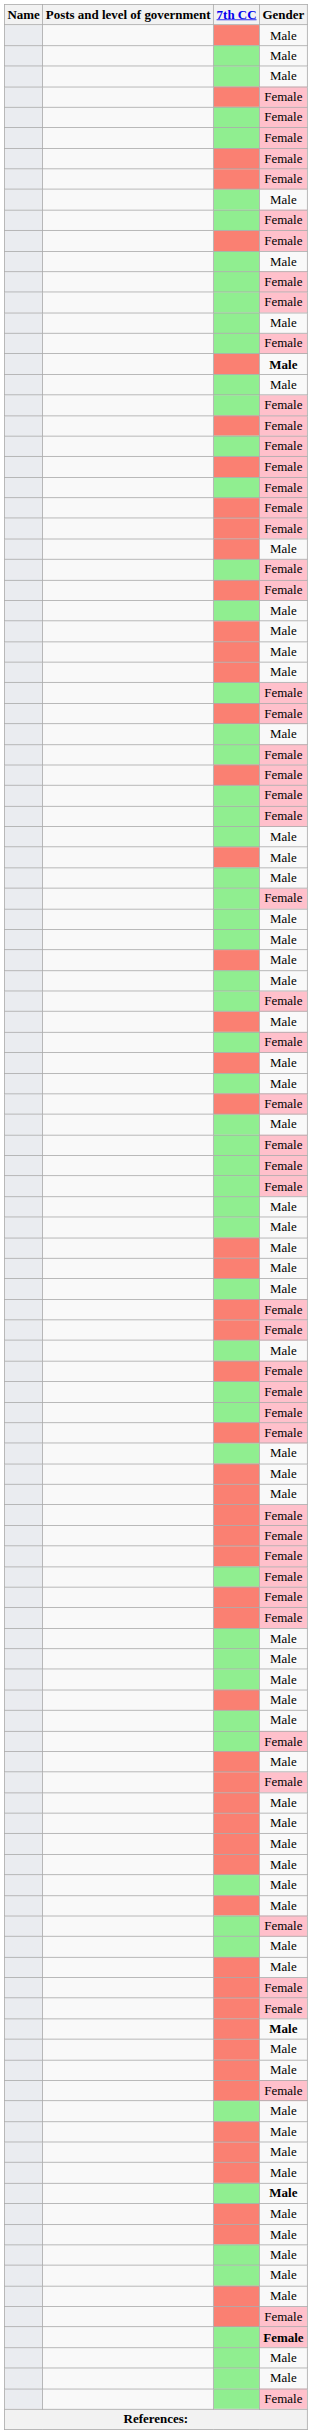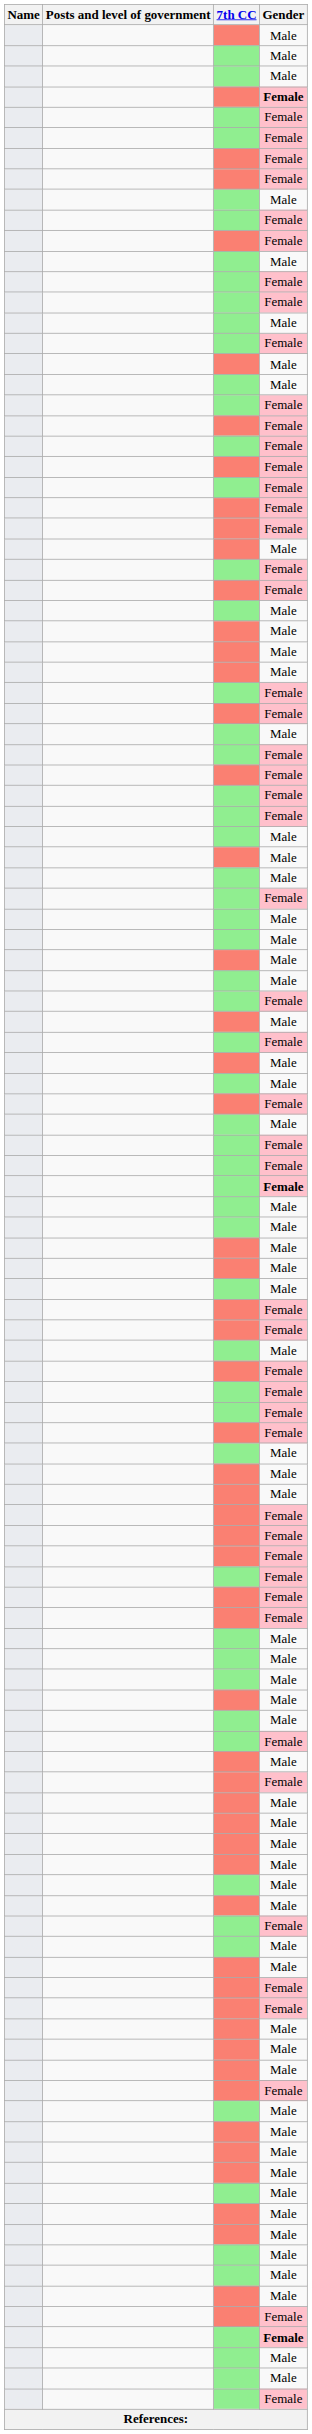 <table class="wikitable sortable" style=text-align:center>
 <tr>
 <th>Name</th>
 <th Rowspan="1">Posts and level of government</th>
 <th unsortable><a href='#'>7th CC</a></th>
 <th>Gender</th>
 </tr>
 <tr>
 <td bgcolor = #EAECF0></td>
 <td></td>
 <td bgcolor = Salmon></td>
 <td>Male</td>
 </tr>
 <tr>
 <td bgcolor = #EAECF0></td>
 <td></td>
 <td bgcolor = LightGreen></td>
 <td>Male</td>
 </tr>
 <tr>
 <td bgcolor = #EAECF0></td>
 <td></td>
 <td bgcolor = LightGreen></td>
 <td>Male</td>
 </tr>
 <tr>
 <td bgcolor = #EAECF0></td>
 <td></td>
 <td bgcolor = Salmon></td>
-<td bgcolor = Pink>Female</td>
+<td bgcolor = Pink><strong>Female</strong></td>
 </tr>
 <tr>
 <td bgcolor = #EAECF0></td>
 <td></td>
 <td bgcolor = LightGreen></td>
 <td bgcolor = Pink>Female</td>
 </tr>
 <tr>
 <td bgcolor = #EAECF0></td>
 <td></td>
 <td bgcolor = LightGreen></td>
 <td bgcolor = Pink>Female</td>
 </tr>
 <tr>
 <td bgcolor = #EAECF0></td>
 <td></td>
 <td bgcolor = Salmon></td>
 <td bgcolor = Pink>Female</td>
 </tr>
 <tr>
 <td bgcolor = #EAECF0></td>
 <td></td>
 <td bgcolor = Salmon></td>
 <td bgcolor = Pink>Female</td>
 </tr>
 <tr>
 <td bgcolor = #EAECF0></td>
 <td></td>
 <td bgcolor = LightGreen></td>
 <td>Male</td>
 </tr>
 <tr>
 <td bgcolor = #EAECF0></td>
 <td></td>
 <td bgcolor = LightGreen></td>
 <td bgcolor = Pink>Female</td>
 </tr>
 <tr>
 <td bgcolor = #EAECF0></td>
 <td></td>
 <td bgcolor = Salmon></td>
 <td bgcolor = Pink>Female</td>
 </tr>
 <tr>
 <td bgcolor = #EAECF0></td>
 <td></td>
 <td bgcolor = LightGreen></td>
 <td>Male</td>
 </tr>
 <tr>
 <td bgcolor = #EAECF0></td>
 <td></td>
 <td bgcolor = LightGreen></td>
 <td bgcolor = Pink>Female</td>
 </tr>
 <tr>
 <td bgcolor = #EAECF0></td>
 <td></td>
 <td bgcolor = LightGreen></td>
 <td bgcolor = Pink>Female</td>
 </tr>
 <tr>
 <td bgcolor = #EAECF0></td>
 <td></td>
 <td bgcolor = LightGreen></td>
 <td>Male</td>
 </tr>
 <tr>
 <td bgcolor = #EAECF0></td>
 <td></td>
 <td bgcolor = LightGreen></td>
 <td bgcolor = Pink>Female</td>
 </tr>
 <tr>
 <td bgcolor = #EAECF0></td>
 <td></td>
 <td bgcolor = Salmon></td>
-<td><strong>Male</strong></td>
+<td>Male</td>
 </tr>
 <tr>
 <td bgcolor = #EAECF0></td>
 <td></td>
 <td bgcolor = LightGreen></td>
 <td>Male</td>
 </tr>
 <tr>
 <td bgcolor = #EAECF0></td>
 <td></td>
 <td bgcolor = LightGreen></td>
 <td bgcolor = Pink>Female</td>
 </tr>
 <tr>
 <td bgcolor = #EAECF0></td>
 <td></td>
 <td bgcolor = Salmon></td>
 <td bgcolor = Pink>Female</td>
 </tr>
 <tr>
 <td bgcolor = #EAECF0></td>
 <td></td>
 <td bgcolor = LightGreen></td>
 <td bgcolor = Pink>Female</td>
 </tr>
 <tr>
 <td bgcolor = #EAECF0></td>
 <td></td>
 <td bgcolor = Salmon></td>
 <td bgcolor = Pink>Female</td>
 </tr>
 <tr>
 <td bgcolor = #EAECF0></td>
 <td></td>
 <td bgcolor = LightGreen></td>
 <td bgcolor = Pink>Female</td>
 </tr>
 <tr>
 <td bgcolor = #EAECF0></td>
 <td></td>
 <td bgcolor = Salmon></td>
 <td bgcolor = Pink>Female</td>
 </tr>
 <tr>
 <td bgcolor = #EAECF0></td>
 <td></td>
 <td bgcolor = Salmon></td>
 <td bgcolor = Pink>Female</td>
 </tr>
 <tr>
 <td bgcolor = #EAECF0></td>
 <td></td>
 <td bgcolor = Salmon></td>
 <td>Male</td>
 </tr>
 <tr>
 <td bgcolor = #EAECF0></td>
 <td></td>
 <td bgcolor = LightGreen></td>
 <td bgcolor = Pink>Female</td>
 </tr>
 <tr>
 <td bgcolor = #EAECF0></td>
 <td></td>
 <td bgcolor = Salmon></td>
 <td bgcolor = Pink>Female</td>
 </tr>
 <tr>
 <td bgcolor = #EAECF0></td>
 <td></td>
 <td bgcolor = LightGreen></td>
 <td>Male</td>
 </tr>
 <tr>
 <td bgcolor = #EAECF0></td>
 <td></td>
 <td bgcolor = Salmon></td>
 <td>Male</td>
 </tr>
 <tr>
 <td bgcolor = #EAECF0></td>
 <td></td>
 <td bgcolor = Salmon></td>
 <td>Male</td>
 </tr>
 <tr>
 <td bgcolor = #EAECF0></td>
 <td></td>
 <td bgcolor = Salmon></td>
 <td>Male</td>
 </tr>
 <tr>
 <td bgcolor = #EAECF0></td>
 <td></td>
 <td bgcolor = LightGreen></td>
 <td bgcolor = Pink>Female</td>
 </tr>
 <tr>
 <td bgcolor = #EAECF0></td>
 <td></td>
 <td bgcolor = Salmon></td>
 <td bgcolor = Pink>Female</td>
 </tr>
 <tr>
 <td bgcolor = #EAECF0></td>
 <td></td>
 <td bgcolor = LightGreen></td>
 <td>Male</td>
 </tr>
 <tr>
 <td bgcolor = #EAECF0></td>
 <td></td>
 <td bgcolor = LightGreen></td>
 <td bgcolor = Pink>Female</td>
 </tr>
 <tr>
 <td bgcolor = #EAECF0></td>
 <td></td>
 <td bgcolor = Salmon></td>
 <td bgcolor = Pink>Female</td>
 </tr>
 <tr>
 <td bgcolor = #EAECF0></td>
 <td></td>
 <td bgcolor = LightGreen></td>
 <td bgcolor = Pink>Female</td>
 </tr>
 <tr>
 <td bgcolor = #EAECF0></td>
 <td></td>
 <td bgcolor = LightGreen></td>
 <td bgcolor = Pink>Female</td>
 </tr>
 <tr>
 <td bgcolor = #EAECF0></td>
 <td></td>
 <td bgcolor = LightGreen></td>
 <td>Male</td>
 </tr>
 <tr>
 <td bgcolor = #EAECF0></td>
 <td></td>
 <td bgcolor = Salmon></td>
 <td>Male</td>
 </tr>
 <tr>
 <td bgcolor = #EAECF0></td>
 <td></td>
 <td bgcolor = LightGreen></td>
 <td>Male</td>
 </tr>
 <tr>
 <td bgcolor = #EAECF0></td>
 <td></td>
 <td bgcolor = LightGreen></td>
 <td bgcolor = Pink>Female</td>
 </tr>
 <tr>
 <td bgcolor = #EAECF0></td>
 <td></td>
 <td bgcolor = LightGreen></td>
 <td>Male</td>
 </tr>
 <tr>
 <td bgcolor = #EAECF0></td>
 <td></td>
 <td bgcolor = LightGreen></td>
 <td>Male</td>
 </tr>
 <tr>
 <td bgcolor = #EAECF0></td>
 <td></td>
 <td bgcolor = Salmon></td>
 <td>Male</td>
 </tr>
 <tr>
 <td bgcolor = #EAECF0></td>
 <td></td>
 <td bgcolor = LightGreen></td>
 <td>Male</td>
 </tr>
 <tr>
 <td bgcolor = #EAECF0></td>
 <td></td>
 <td bgcolor = LightGreen></td>
 <td bgcolor = Pink>Female</td>
 </tr>
 <tr>
 <td bgcolor = #EAECF0></td>
 <td></td>
 <td bgcolor = Salmon></td>
 <td>Male</td>
 </tr>
 <tr>
 <td bgcolor = #EAECF0></td>
 <td></td>
 <td bgcolor = LightGreen></td>
 <td bgcolor = Pink>Female</td>
 </tr>
 <tr>
 <td bgcolor = #EAECF0></td>
 <td></td>
 <td bgcolor = Salmon></td>
 <td>Male</td>
 </tr>
 <tr>
 <td bgcolor = #EAECF0></td>
 <td></td>
 <td bgcolor = LightGreen></td>
 <td>Male</td>
 </tr>
 <tr>
 <td bgcolor = #EAECF0></td>
 <td></td>
 <td bgcolor = Salmon></td>
 <td bgcolor = Pink>Female</td>
 </tr>
 <tr>
 <td bgcolor = #EAECF0></td>
 <td></td>
 <td bgcolor = LightGreen></td>
 <td>Male</td>
 </tr>
 <tr>
 <td bgcolor = #EAECF0></td>
 <td></td>
 <td bgcolor = LightGreen></td>
 <td bgcolor = Pink>Female</td>
 </tr>
 <tr>
 <td bgcolor = #EAECF0></td>
 <td></td>
 <td bgcolor = LightGreen></td>
 <td bgcolor = Pink>Female</td>
 </tr>
 <tr>
 <td bgcolor = #EAECF0></td>
 <td></td>
 <td bgcolor = LightGreen></td>
-<td bgcolor = Pink>Female</td>
+<td bgcolor = Pink><strong>Female</strong></td>
 </tr>
 <tr>
 <td bgcolor = #EAECF0></td>
 <td></td>
 <td bgcolor = LightGreen></td>
 <td>Male</td>
 </tr>
 <tr>
 <td bgcolor = #EAECF0></td>
 <td></td>
 <td bgcolor = LightGreen></td>
 <td>Male</td>
 </tr>
 <tr>
 <td bgcolor = #EAECF0></td>
 <td></td>
 <td bgcolor = Salmon></td>
 <td>Male</td>
 </tr>
 <tr>
 <td bgcolor = #EAECF0></td>
 <td></td>
 <td bgcolor = Salmon></td>
 <td>Male</td>
 </tr>
 <tr>
 <td bgcolor = #EAECF0></td>
 <td></td>
 <td bgcolor = LightGreen></td>
 <td>Male</td>
 </tr>
 <tr>
 <td bgcolor = #EAECF0></td>
 <td></td>
 <td bgcolor = Salmon></td>
 <td bgcolor = Pink>Female</td>
 </tr>
 <tr>
 <td bgcolor = #EAECF0></td>
 <td></td>
 <td bgcolor = Salmon></td>
 <td bgcolor = Pink>Female</td>
 </tr>
 <tr>
 <td bgcolor = #EAECF0></td>
 <td></td>
 <td bgcolor = LightGreen></td>
 <td>Male</td>
 </tr>
 <tr>
 <td bgcolor = #EAECF0></td>
 <td></td>
 <td bgcolor = Salmon></td>
 <td bgcolor = Pink>Female</td>
 </tr>
 <tr>
 <td bgcolor = #EAECF0></td>
 <td></td>
 <td bgcolor = LightGreen></td>
 <td bgcolor = Pink>Female</td>
 </tr>
 <tr>
 <td bgcolor = #EAECF0></td>
 <td></td>
 <td bgcolor = LightGreen></td>
 <td bgcolor = Pink>Female</td>
 </tr>
 <tr>
 <td bgcolor = #EAECF0></td>
 <td></td>
 <td bgcolor = Salmon></td>
 <td bgcolor = Pink>Female</td>
 </tr>
 <tr>
 <td bgcolor = #EAECF0></td>
 <td></td>
 <td bgcolor = LightGreen></td>
 <td>Male</td>
 </tr>
 <tr>
 <td bgcolor = #EAECF0></td>
 <td></td>
 <td bgcolor = Salmon></td>
 <td>Male</td>
 </tr>
 <tr>
 <td bgcolor = #EAECF0></td>
 <td></td>
 <td bgcolor = Salmon></td>
 <td>Male</td>
 </tr>
 <tr>
 <td bgcolor = #EAECF0></td>
 <td></td>
 <td bgcolor = Salmon></td>
 <td bgcolor = Pink>Female</td>
 </tr>
 <tr>
 <td bgcolor = #EAECF0></td>
 <td></td>
 <td bgcolor = Salmon></td>
 <td bgcolor = Pink>Female</td>
 </tr>
 <tr>
 <td bgcolor = #EAECF0></td>
 <td></td>
 <td bgcolor = Salmon></td>
 <td bgcolor = Pink>Female</td>
 </tr>
 <tr>
 <td bgcolor = #EAECF0></td>
 <td></td>
 <td bgcolor = LightGreen></td>
 <td bgcolor = Pink>Female</td>
 </tr>
 <tr>
 <td bgcolor = #EAECF0></td>
 <td></td>
 <td bgcolor = Salmon></td>
 <td bgcolor = Pink>Female</td>
 </tr>
 <tr>
 <td bgcolor = #EAECF0></td>
 <td></td>
 <td bgcolor = Salmon></td>
 <td bgcolor = Pink>Female</td>
 </tr>
 <tr>
 <td bgcolor = #EAECF0></td>
 <td></td>
 <td bgcolor = LightGreen></td>
 <td>Male</td>
 </tr>
 <tr>
 <td bgcolor = #EAECF0></td>
 <td></td>
 <td bgcolor = LightGreen></td>
 <td>Male</td>
 </tr>
 <tr>
 <td bgcolor = #EAECF0></td>
 <td></td>
 <td bgcolor = LightGreen></td>
 <td>Male</td>
 </tr>
 <tr>
 <td bgcolor = #EAECF0></td>
 <td></td>
 <td bgcolor = Salmon></td>
 <td>Male</td>
 </tr>
 <tr>
 <td bgcolor = #EAECF0></td>
 <td></td>
 <td bgcolor = LightGreen></td>
 <td>Male</td>
 </tr>
 <tr>
 <td bgcolor = #EAECF0></td>
 <td></td>
 <td bgcolor = LightGreen></td>
 <td bgcolor = Pink>Female</td>
 </tr>
 <tr>
 <td bgcolor = #EAECF0></td>
 <td></td>
 <td bgcolor = Salmon></td>
 <td>Male</td>
 </tr>
 <tr>
 <td bgcolor = #EAECF0></td>
 <td></td>
 <td bgcolor = Salmon></td>
 <td bgcolor = Pink>Female</td>
 </tr>
 <tr>
 <td bgcolor = #EAECF0></td>
 <td></td>
 <td bgcolor = Salmon></td>
 <td>Male</td>
 </tr>
 <tr>
 <td bgcolor = #EAECF0></td>
 <td></td>
 <td bgcolor = Salmon></td>
 <td>Male</td>
 </tr>
 <tr>
 <td bgcolor = #EAECF0></td>
 <td></td>
 <td bgcolor = Salmon></td>
 <td>Male</td>
 </tr>
 <tr>
 <td bgcolor = #EAECF0></td>
 <td></td>
 <td bgcolor = Salmon></td>
 <td>Male</td>
 </tr>
 <tr>
 <td bgcolor = #EAECF0></td>
 <td></td>
 <td bgcolor = LightGreen></td>
 <td>Male</td>
 </tr>
 <tr>
 <td bgcolor = #EAECF0></td>
 <td></td>
 <td bgcolor = Salmon></td>
 <td>Male</td>
 </tr>
 <tr>
 <td bgcolor = #EAECF0></td>
 <td></td>
 <td bgcolor = LightGreen></td>
 <td bgcolor = Pink>Female</td>
 </tr>
 <tr>
 <td bgcolor = #EAECF0></td>
 <td></td>
 <td bgcolor = LightGreen></td>
 <td>Male</td>
 </tr>
 <tr>
 <td bgcolor = #EAECF0></td>
 <td></td>
 <td bgcolor = Salmon></td>
 <td>Male</td>
 </tr>
 <tr>
 <td bgcolor = #EAECF0></td>
 <td></td>
 <td bgcolor = Salmon></td>
 <td bgcolor = Pink>Female</td>
 </tr>
 <tr>
 <td bgcolor = #EAECF0></td>
 <td></td>
 <td bgcolor = Salmon></td>
 <td bgcolor = Pink>Female</td>
 </tr>
 <tr>
 <td bgcolor = #EAECF0></td>
 <td></td>
 <td bgcolor = Salmon></td>
-<td><strong>Male</strong></td>
+<td>Male</td>
 </tr>
 <tr>
 <td bgcolor = #EAECF0></td>
 <td></td>
 <td bgcolor = Salmon></td>
 <td>Male</td>
 </tr>
 <tr>
 <td bgcolor = #EAECF0></td>
 <td></td>
 <td bgcolor = Salmon></td>
 <td>Male</td>
 </tr>
 <tr>
 <td bgcolor = #EAECF0></td>
 <td></td>
 <td bgcolor = Salmon></td>
 <td bgcolor = Pink>Female</td>
 </tr>
 <tr>
 <td bgcolor = #EAECF0></td>
 <td></td>
 <td bgcolor = LightGreen></td>
 <td>Male</td>
 </tr>
 <tr>
 <td bgcolor = #EAECF0></td>
 <td></td>
 <td bgcolor = Salmon></td>
 <td>Male</td>
 </tr>
 <tr>
 <td bgcolor = #EAECF0></td>
 <td></td>
 <td bgcolor = Salmon></td>
 <td>Male</td>
 </tr>
 <tr>
 <td bgcolor = #EAECF0></td>
 <td></td>
 <td bgcolor = Salmon></td>
 <td>Male</td>
 </tr>
 <tr>
 <td bgcolor = #EAECF0></td>
 <td></td>
 <td bgcolor = LightGreen></td>
-<td><strong>Male</strong></td>
+<td>Male</td>
 </tr>
 <tr>
 <td bgcolor = #EAECF0></td>
 <td></td>
 <td bgcolor = Salmon></td>
 <td>Male</td>
 </tr>
 <tr>
 <td bgcolor = #EAECF0></td>
 <td></td>
 <td bgcolor = Salmon></td>
 <td>Male</td>
 </tr>
 <tr>
 <td bgcolor = #EAECF0></td>
 <td></td>
 <td bgcolor = LightGreen></td>
 <td>Male</td>
 </tr>
 <tr>
 <td bgcolor = #EAECF0></td>
 <td></td>
 <td bgcolor = LightGreen></td>
 <td>Male</td>
 </tr>
 <tr>
 <td bgcolor = #EAECF0></td>
 <td></td>
 <td bgcolor = Salmon></td>
 <td>Male</td>
 </tr>
 <tr>
 <td bgcolor = #EAECF0></td>
 <td></td>
 <td bgcolor = Salmon></td>
 <td bgcolor = Pink>Female</td>
 </tr>
 <tr>
 <td bgcolor = #EAECF0></td>
 <td></td>
 <td bgcolor = LightGreen></td>
 <td bgcolor = Pink><strong>Female</strong></td>
 </tr>
 <tr>
 <td bgcolor = #EAECF0></td>
 <td></td>
 <td bgcolor = LightGreen></td>
 <td>Male</td>
 </tr>
 <tr>
 <td bgcolor = #EAECF0></td>
 <td></td>
 <td bgcolor = LightGreen></td>
 <td>Male</td>
 </tr>
 <tr>
 <td bgcolor = #EAECF0></td>
 <td></td>
 <td bgcolor = LightGreen></td>
 <td bgcolor = Pink>Female</td>
 </tr>
 <tr class=sortbottom>
 <th colspan = "23" align = left><strong>References:</strong><br></th>
 </tr>
 </table>
